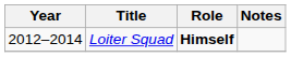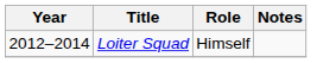 <table class="wikitable">
 <tr>
 <th>Year</th>
 <th>Title</th>
 <th>Role</th>
 <th>Notes</th>
 </tr>
 <tr>
 <td>2012–2014</td>
 <td><em><a href='#'>Loiter Squad</a></em></td>
-<td><strong>Himself</strong></td>
+<td>Himself</td>
 <td></td>
 </tr>
 <tr>
 </tr>
 </table>
